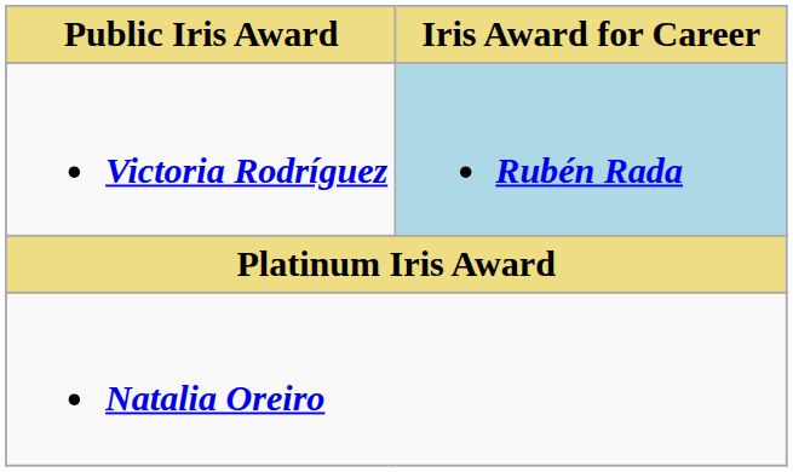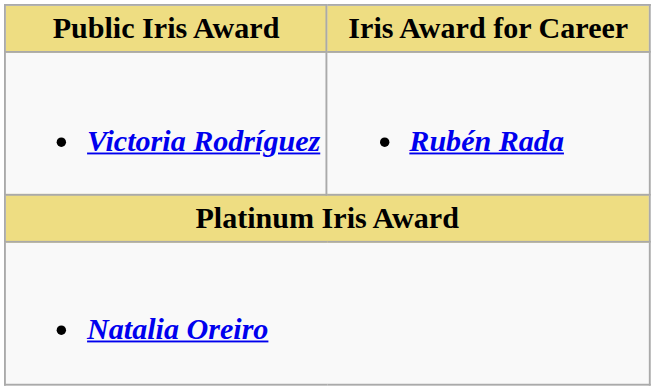 <table class="wikitable">
 <tr>
 <th style="background:#EEDD82; width:50%">Public Iris Award</th>
 <th style="background:#EEDD82; width:50%">Iris Award for Career</th>
 </tr>
 <tr>
 <td valign="top"><br><ul><li><strong><em><a href='#'>Victoria Rodríguez</a></em></strong></li></ul></td>
-<td valign="top" style="background: lightblue;"><br><ul><li><strong><em><a href='#'>Rubén Rada</a></em></strong></li></ul></td>
+<td valign="top"><br><ul><li><strong><em><a href='#'>Rubén Rada</a></em></strong></li></ul></td>
 </tr>
 <tr>
 <th colspan="2" style="background:#EEDD82; width:50%">Platinum Iris Award</th>
 </tr>
 <tr>
 <td colspan="2" valign="top"><br><ul><li><strong><em><a href='#'>Natalia Oreiro</a></em></strong></li></ul></td>
 </tr>
 </table>
